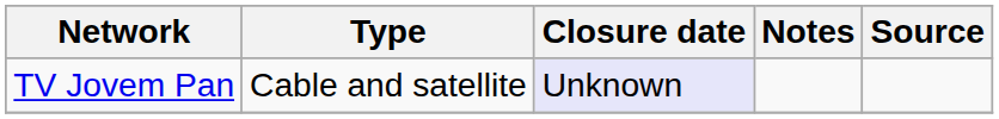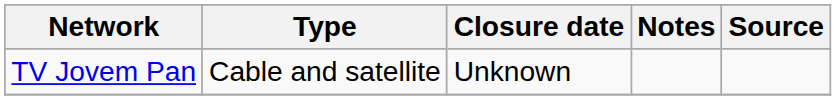 <table class="wikitable sortable">
 <tr>
 <th>Network</th>
 <th>Type</th>
 <th>Closure date</th>
 <th>Notes</th>
 <th>Source</th>
 </tr>
 <tr>
 <td><a href='#'>TV Jovem Pan</a></td>
 <td>Cable and satellite</td>
-<td style="background: lavender;">Unknown</td>
+<td>Unknown</td>
 <td></td>
 <td></td>
 </tr>
 <tr>
 </tr>
 </table>
